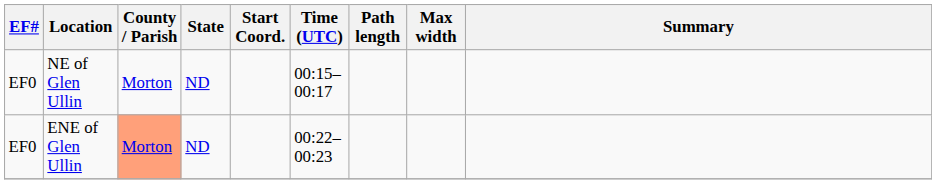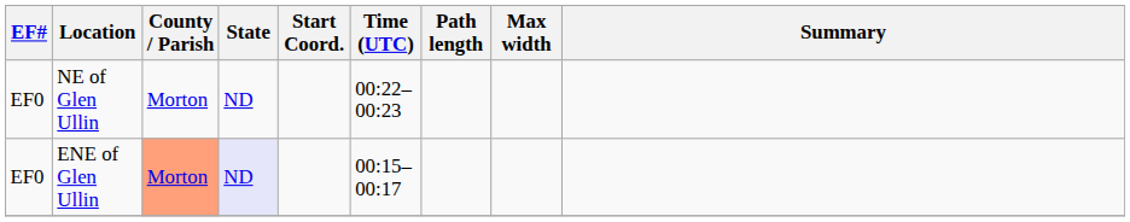 <table class="wikitable sortable" style="width:100%;">
 <tr>
 <th scope="col"  style="width:3%; text-align:center;"><a href='#'>EF#</a></th>
 <th scope="col"  style="width:7%; text-align:center;" class="unsortable">Location</th>
 <th scope="col"  style="width:6%; text-align:center;" class="unsortable">County / Parish</th>
 <th scope="col"  style="width:5%; text-align:center;">State</th>
 <th scope="col"  style="width:6%; text-align:center;">Start Coord.</th>
 <th scope="col"  style="width:6%; text-align:center;">Time (<a href='#'>UTC</a>)</th>
 <th scope="col"  style="width:6%; text-align:center;">Path length</th>
 <th scope="col"  style="width:6%; text-align:center;">Max width</th>
 <th scope="col" class="unsortable" style="width:48%; text-align:center;">Summary</th>
 </tr>
 <tr>
 <td>EF0</td>
 <td>NE of <a href='#'>Glen Ullin</a></td>
 <td><a href='#'>Morton</a></td>
 <td><a href='#'>ND</a></td>
 <td></td>
-<td>00:15–00:17</td>
+<td>00:22–00:23</td>
 <td></td>
 <td></td>
 <td></td>
 </tr>
 <tr>
 <td>EF0</td>
 <td>ENE of <a href='#'>Glen Ullin</a></td>
 <td style="background: lightsalmon;"><a href='#'>Morton</a></td>
-<td><a href='#'>ND</a></td>
+<td style="background: lavender;"><a href='#'>ND</a></td>
 <td></td>
-<td>00:22–00:23</td>
+<td>00:15–00:17</td>
 <td></td>
 <td></td>
 <td></td>
 </tr>
 <tr>
 </tr>
 </table>
